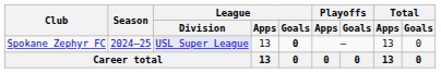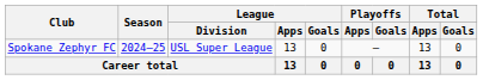 <table class="wikitable" style="text-align: center;">
 <tr>
 <th rowspan="2">Club</th>
 <th rowspan="2">Season</th>
 <th colspan="3">League</th>
 <th colspan="2">Playoffs</th>
 <th colspan="2">Total</th>
 </tr>
 <tr>
 <th>Division</th>
 <th>Apps</th>
 <th>Goals</th>
 <th>Apps</th>
 <th>Goals</th>
 <th>Apps</th>
 <th>Goals</th>
 </tr>
 <tr>
 <td><a href='#'>Spokane Zephyr FC</a></td>
 <td><a href='#'>2024–25</a></td>
-<td style="background: lavender;"><a href='#'>USL Super League</a></td>
+<td><a href='#'>USL Super League</a></td>
 <td>13</td>
-<td><strong>0</strong></td>
+<td>0</td>
 <td colspan="2">—</td>
 <td>13</td>
 <td>0</td>
 </tr>
 <tr>
 <th colspan="3">Career total</th>
 <th>13</th>
 <th>0</th>
 <th>0</th>
 <th>0</th>
 <th>13</th>
 <th>0</th>
 </tr>
 </table>
